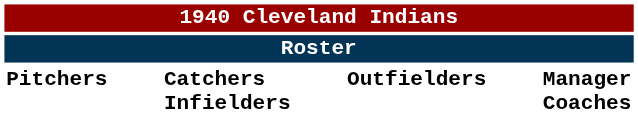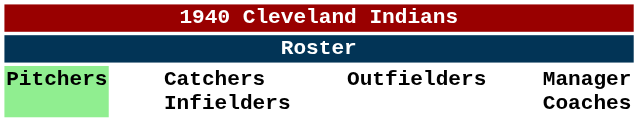 <table class="toccolours" style="font-size: 95%;">
 <tr>
 <th colspan="10" style="background-color: #990000; color: white; text-align: center;">1940 Cleveland Indians</th>
 </tr>
 <tr>
 <td colspan="10" style="background-color: #023456; color: white; text-align: center;"><strong>Roster</strong></td>
 </tr>
 <tr>
-<td valign="top"><strong>Pitchers</strong><br>              </td>
+<td valign="top" style="background: lightgreen;"><strong>Pitchers</strong><br>              </td>
 <td width="25px"></td>
 <td valign="top"><strong>Catchers</strong><br>   <strong>Infielders</strong>       </td>
 <td width="25px"></td>
 <td valign="top"><strong>Outfielders</strong><br>    </td>
 <td width="25px"></td>
 <td valign="top"><strong>Manager</strong><br> <strong>Coaches</strong>   </td>
 </tr>
 </table>
